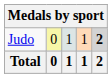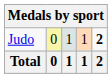 <table class="wikitable" style="font-size:90%; text-align:center;">
 <tr>
 <th colspan="5">Medals by sport</th>
 </tr>
 <tr>
 <td align="left"><a href='#'>Judo</a></td>
 <td style="background:#F7F6A8;">0</td>
 <td style="background:#DCE5E5;">1</td>
 <td style="background:#FFDAB9;">1</td>
-<td style="background: lightgrey;"><strong>2</strong></td>
+<td><strong>2</strong></td>
 </tr>
 <tr class="sortbottom">
 <th>Total</th>
 <th>0</th>
 <th>1</th>
 <th>1</th>
 <th>2</th>
 </tr>
 </table>
